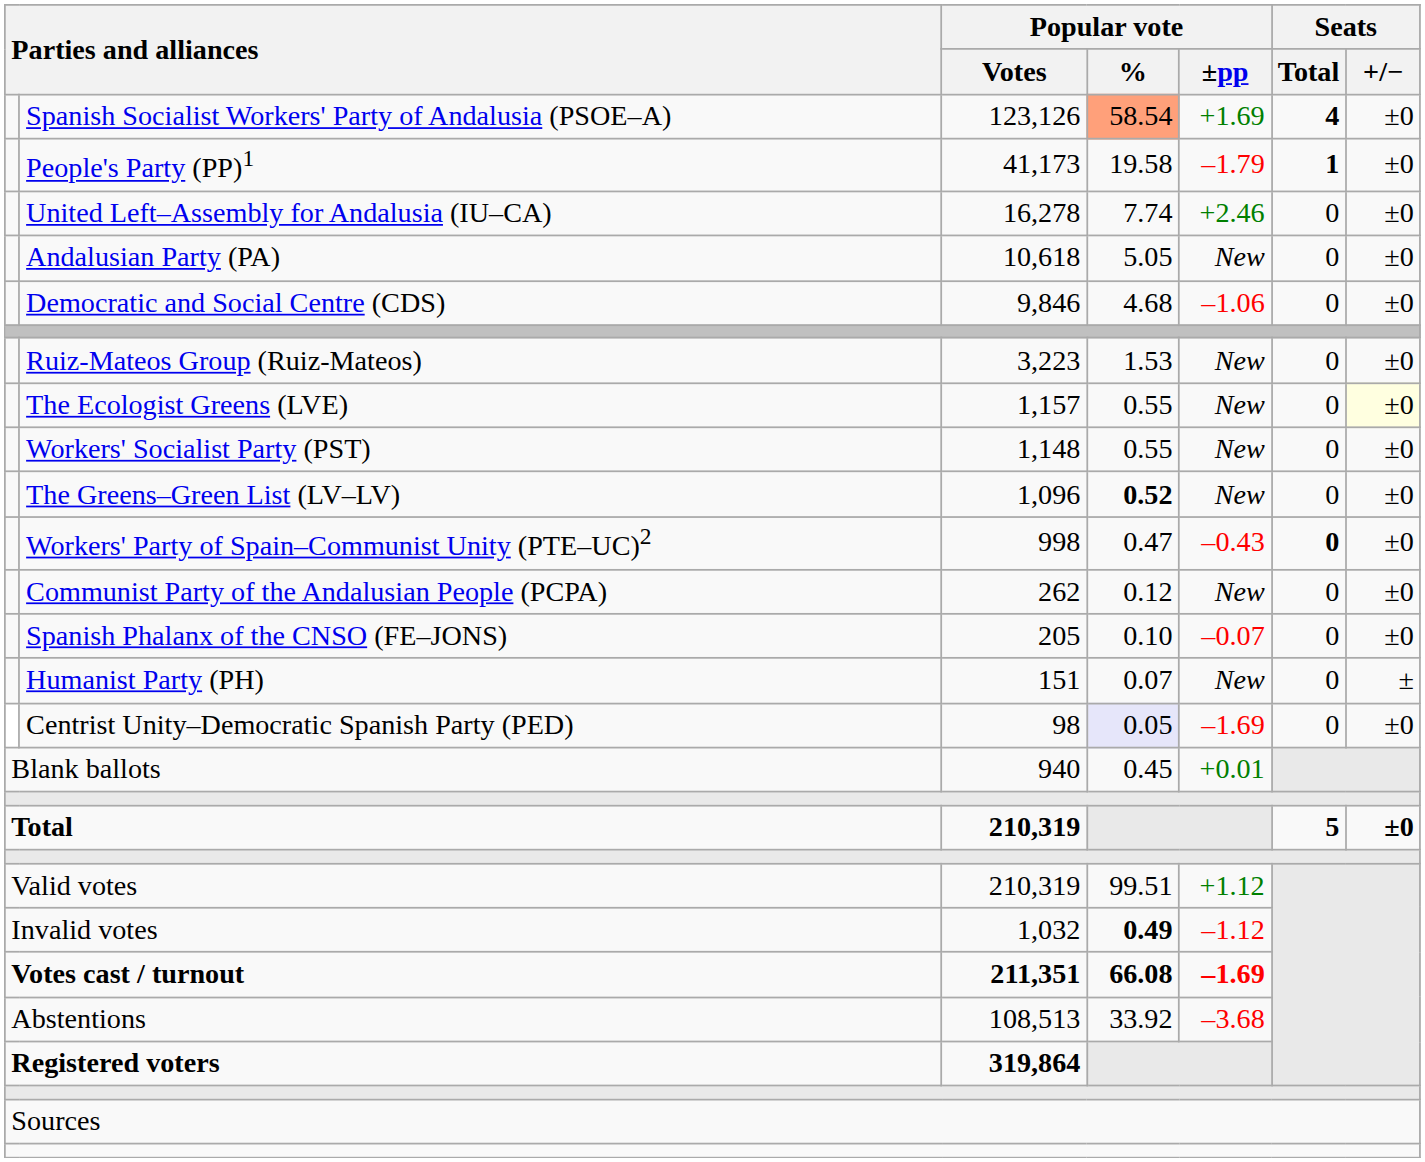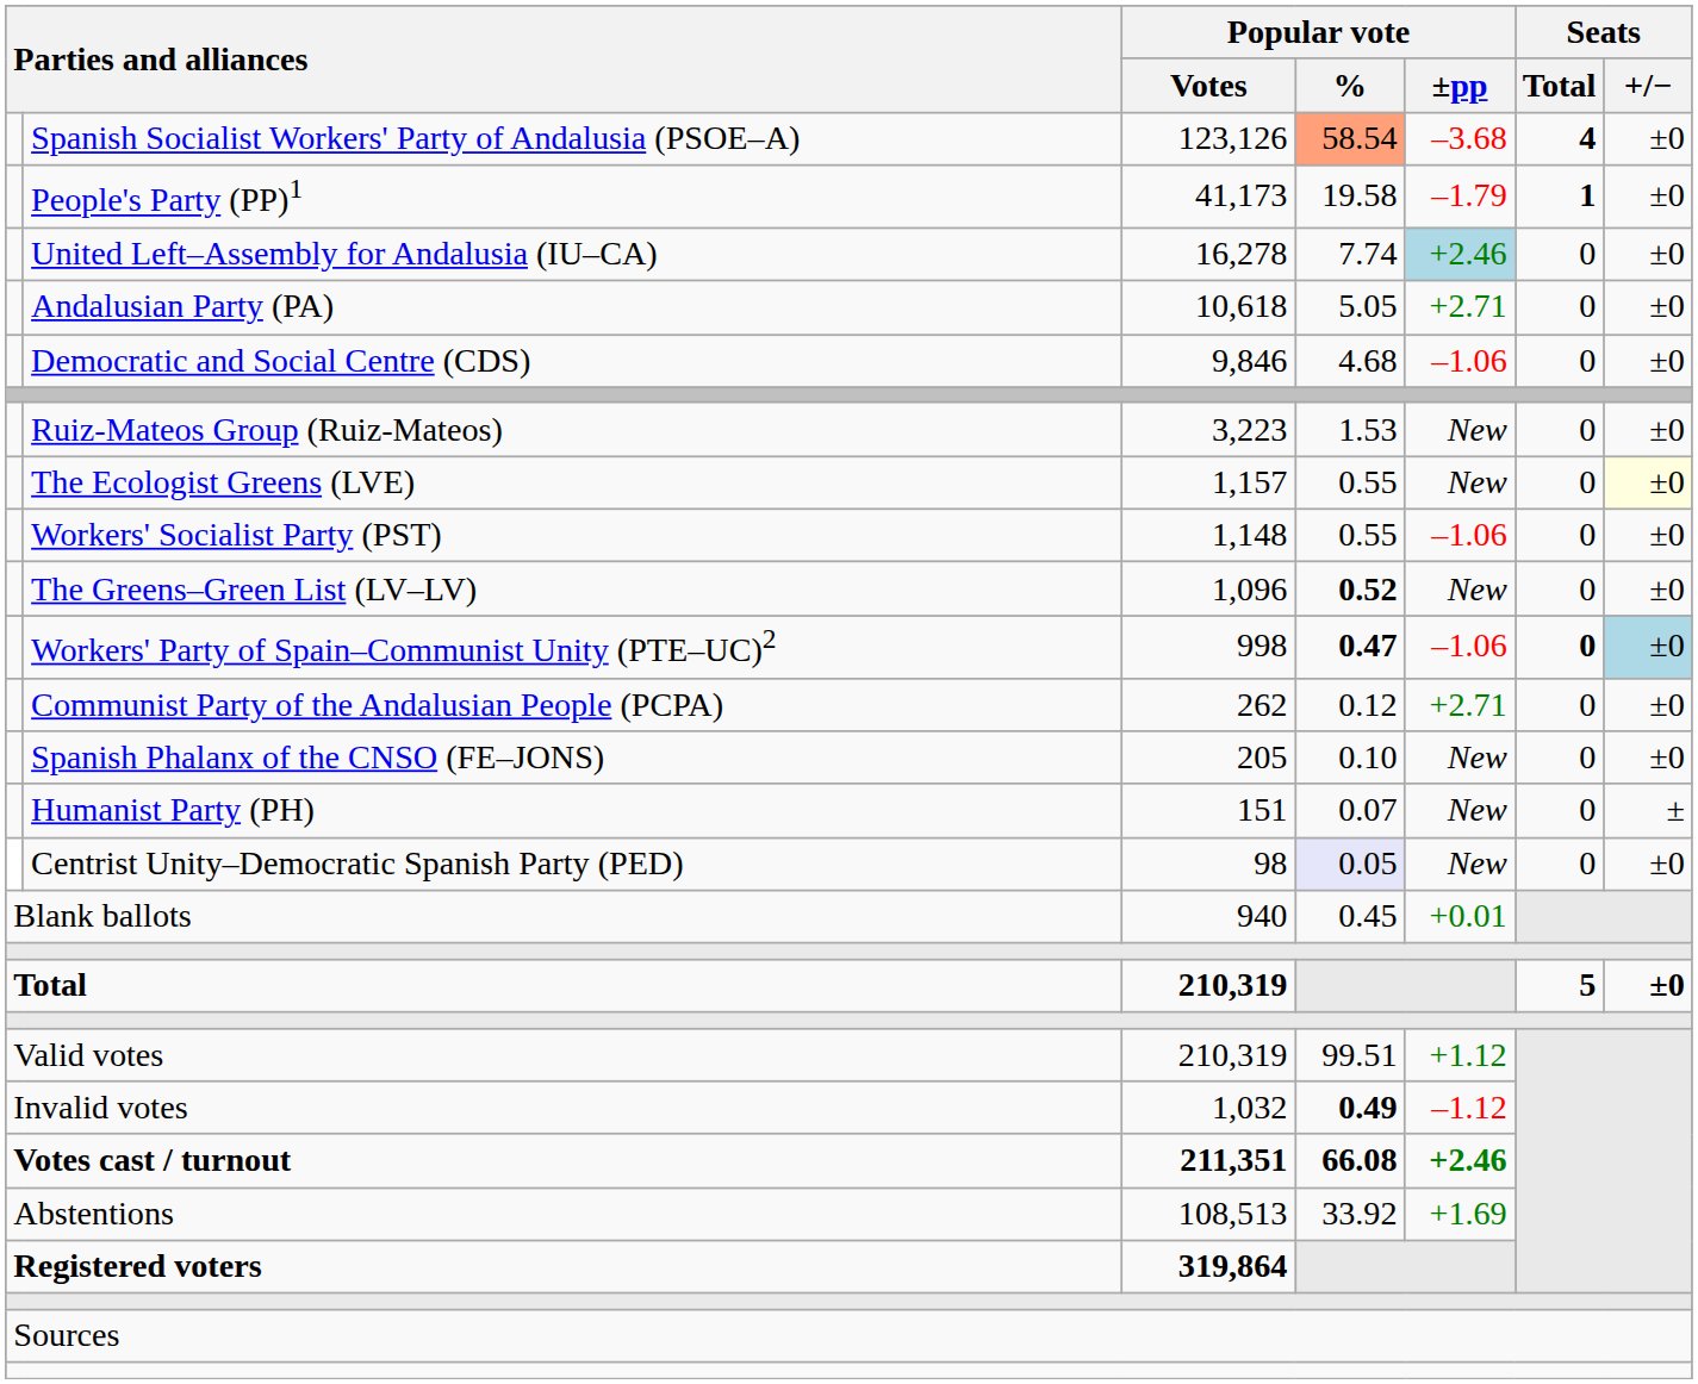 <table class="wikitable" style="text-align:right;">
 <tr>
 <th style="text-align:left;" rowspan="2" colspan="2" width="525">Parties and alliances</th>
 <th colspan="3">Popular vote</th>
 <th colspan="2">Seats</th>
 </tr>
 <tr>
 <th width="75">Votes</th>
 <th width="45">%</th>
 <th width="45">±<a href='#'>pp</a></th>
 <th width="35">Total</th>
 <th width="35">+/−</th>
 </tr>
 <tr>
 <td width="1" style="color:inherit;background:"></td>
 <td align="left"><a href='#'>Spanish Socialist Workers' Party of Andalusia</a> (PSOE–A)</td>
 <td>123,126</td>
 <td style="background: lightsalmon;">58.54</td>
-<td style="color:green;">+1.69</td>
+<td style="color:red;">–3.68</td>
 <td><strong>4</strong></td>
 <td>±0</td>
 </tr>
 <tr>
 <td style="color:inherit;background:"></td>
 <td align="left"><a href='#'>People's Party</a> (PP)<sup>1</sup></td>
 <td>41,173</td>
 <td>19.58</td>
 <td style="color:red;">–1.79</td>
 <td><strong>1</strong></td>
 <td>±0</td>
 </tr>
 <tr>
 <td style="color:inherit;background:"></td>
 <td align="left"><a href='#'>United Left–Assembly for Andalusia</a> (IU–CA)</td>
 <td>16,278</td>
 <td>7.74</td>
-<td style="color:green;">+2.46</td>
+<td style="background: lightblue; color:green;">+2.46</td>
 <td>0</td>
 <td>±0</td>
 </tr>
 <tr>
 <td style="color:inherit;background:"></td>
 <td align="left"><a href='#'>Andalusian Party</a> (PA)</td>
 <td>10,618</td>
 <td>5.05</td>
-<td><em>New</em></td>
+<td style="color:green;">+2.71</td>
 <td>0</td>
 <td>±0</td>
 </tr>
 <tr>
 <td style="color:inherit;background:"></td>
 <td align="left"><a href='#'>Democratic and Social Centre</a> (CDS)</td>
 <td>9,846</td>
 <td>4.68</td>
 <td style="color:red;">–1.06</td>
 <td>0</td>
 <td>±0</td>
 </tr>
 <tr>
 <td colspan="7" bgcolor="#C0C0C0"></td>
 </tr>
 <tr>
 <td style="color:inherit;background:"></td>
 <td align="left"><a href='#'>Ruiz-Mateos Group</a> (Ruiz-Mateos)</td>
 <td>3,223</td>
 <td>1.53</td>
 <td><em>New</em></td>
 <td>0</td>
 <td>±0</td>
 </tr>
 <tr>
 <td style="color:inherit;background:"></td>
 <td align="left"><a href='#'>The Ecologist Greens</a> (LVE)</td>
 <td>1,157</td>
 <td>0.55</td>
 <td><em>New</em></td>
 <td>0</td>
 <td style="background: lightyellow;">±0</td>
 </tr>
 <tr>
 <td style="color:inherit;background:"></td>
 <td align="left"><a href='#'>Workers' Socialist Party</a> (PST)</td>
 <td>1,148</td>
 <td>0.55</td>
-<td><em>New</em></td>
+<td style="color:red;">–1.06</td>
 <td>0</td>
 <td>±0</td>
 </tr>
 <tr>
 <td style="color:inherit;background:"></td>
 <td align="left"><a href='#'>The Greens–Green List</a> (LV–LV)</td>
 <td>1,096</td>
 <td><strong>0.52</strong></td>
 <td><em>New</em></td>
 <td>0</td>
 <td>±0</td>
 </tr>
 <tr>
 <td style="color:inherit;background:"></td>
 <td align="left"><a href='#'>Workers' Party of Spain–Communist Unity</a> (PTE–UC)<sup>2</sup></td>
 <td>998</td>
-<td>0.47</td>
-<td style="color:red;">–0.43</td>
+<td><strong>0.47</strong></td>
+<td style="color:red;">–1.06</td>
 <td><strong>0</strong></td>
-<td>±0</td>
+<td style="background: lightblue;">±0</td>
 </tr>
 <tr>
 <td style="color:inherit;background:"></td>
 <td align="left"><a href='#'>Communist Party of the Andalusian People</a> (PCPA)</td>
 <td>262</td>
 <td>0.12</td>
-<td><em>New</em></td>
+<td style="color:green;">+2.71</td>
 <td>0</td>
 <td>±0</td>
 </tr>
 <tr>
 <td style="color:inherit;background:"></td>
 <td align="left"><a href='#'>Spanish Phalanx of the CNSO</a> (FE–JONS)</td>
 <td>205</td>
 <td>0.10</td>
-<td style="color:red;">–0.07</td>
+<td><em>New</em></td>
 <td>0</td>
 <td>±0</td>
 </tr>
 <tr>
 <td style="color:inherit;background:"></td>
 <td align="left"><a href='#'>Humanist Party</a> (PH)</td>
 <td>151</td>
 <td>0.07</td>
 <td><em>New</em></td>
 <td>0</td>
 <td>±</td>
 </tr>
 <tr>
 <td bgcolor="white"></td>
 <td align="left">Centrist Unity–Democratic Spanish Party (PED)</td>
 <td>98</td>
 <td style="background: lavender;">0.05</td>
-<td style="color:red;">–1.69</td>
+<td><em>New</em></td>
 <td>0</td>
 <td>±0</td>
 </tr>
 <tr>
 <td align="left" colspan="2">Blank ballots</td>
 <td>940</td>
 <td>0.45</td>
 <td style="color:green;">+0.01</td>
 <td bgcolor="#E9E9E9" colspan="2"></td>
 </tr>
 <tr>
 <td colspan="7" bgcolor="#E9E9E9"></td>
 </tr>
 <tr style="font-weight:bold;">
 <td align="left" colspan="2">Total</td>
 <td>210,319</td>
 <td bgcolor="#E9E9E9" colspan="2"></td>
 <td>5</td>
 <td>±0</td>
 </tr>
 <tr>
 <td colspan="7" bgcolor="#E9E9E9"></td>
 </tr>
 <tr>
 <td align="left" colspan="2">Valid votes</td>
 <td>210,319</td>
 <td>99.51</td>
 <td style="color:green;">+1.12</td>
 <td bgcolor="#E9E9E9" colspan="2" rowspan="5"></td>
 </tr>
 <tr>
 <td align="left" colspan="2">Invalid votes</td>
 <td>1,032</td>
 <td><strong>0.49</strong></td>
 <td style="color:red;">–1.12</td>
 </tr>
 <tr style="font-weight:bold;">
 <td align="left" colspan="2">Votes cast / turnout</td>
 <td>211,351</td>
 <td>66.08</td>
-<td style="color:red;">–1.69</td>
+<td style="color:green;">+2.46</td>
 </tr>
 <tr>
 <td align="left" colspan="2">Abstentions</td>
 <td>108,513</td>
 <td>33.92</td>
-<td style="color:red;">–3.68</td>
+<td style="color:green;">+1.69</td>
 </tr>
 <tr style="font-weight:bold;">
 <td align="left" colspan="2">Registered voters</td>
 <td>319,864</td>
 <td bgcolor="#E9E9E9" colspan="2"></td>
 </tr>
 <tr>
 <td colspan="7" bgcolor="#E9E9E9"></td>
 </tr>
 <tr>
 <td align="left" colspan="7">Sources</td>
 </tr>
 <tr>
 <td colspan="7" style="text-align:left; max-width:790px;"></td>
 </tr>
 </table>
